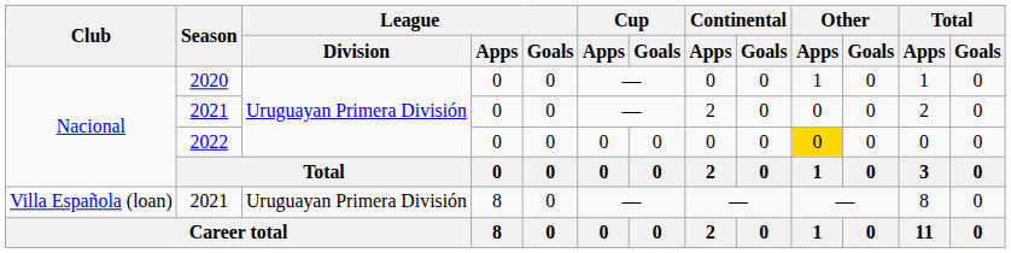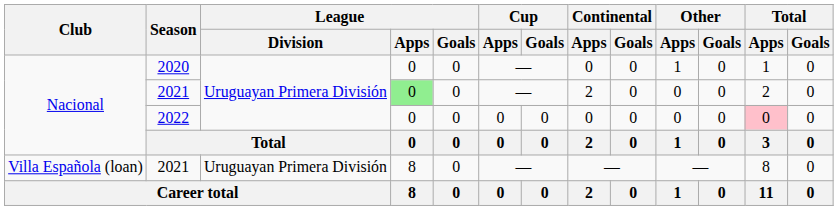 <table class="wikitable" style="text-align: center">
 <tr>
 <th rowspan="2">Club</th>
 <th rowspan="2">Season</th>
 <th colspan="3">League</th>
 <th colspan="2">Cup</th>
 <th colspan="2">Continental</th>
 <th colspan="2">Other</th>
 <th colspan="2">Total</th>
 </tr>
 <tr>
 <th>Division</th>
 <th>Apps</th>
 <th>Goals</th>
 <th>Apps</th>
 <th>Goals</th>
 <th>Apps</th>
 <th>Goals</th>
 <th>Apps</th>
 <th>Goals</th>
 <th>Apps</th>
 <th>Goals</th>
 </tr>
 <tr>
 <td rowspan="4"><a href='#'>Nacional</a></td>
 <td><a href='#'>2020</a></td>
 <td rowspan="3"><a href='#'>Uruguayan Primera División</a></td>
 <td>0</td>
 <td>0</td>
 <td colspan="2">—</td>
 <td>0</td>
 <td>0</td>
 <td>1</td>
 <td>0</td>
 <td>1</td>
 <td>0</td>
 </tr>
 <tr>
 <td><a href='#'>2021</a></td>
-<td>0</td>
+<td style="background: lightgreen;">0</td>
 <td>0</td>
 <td colspan="2">—</td>
 <td>2</td>
 <td>0</td>
 <td>0</td>
 <td>0</td>
 <td>2</td>
 <td>0</td>
 </tr>
 <tr>
 <td><a href='#'>2022</a></td>
 <td>0</td>
 <td>0</td>
 <td>0</td>
 <td>0</td>
 <td>0</td>
 <td>0</td>
-<td style="background: gold;">0</td>
 <td>0</td>
 <td>0</td>
+<td style="background: pink;">0</td>
 <td>0</td>
 </tr>
 <tr>
 <th colspan="2">Total</th>
 <th>0</th>
 <th>0</th>
 <th>0</th>
 <th>0</th>
 <th>2</th>
 <th>0</th>
 <th>1</th>
 <th>0</th>
 <th>3</th>
 <th>0</th>
 </tr>
 <tr>
 <td><a href='#'>Villa Española</a> (loan)</td>
 <td>2021</td>
 <td>Uruguayan Primera División</td>
 <td>8</td>
 <td>0</td>
 <td colspan="2">—</td>
 <td colspan="2">—</td>
 <td colspan="2">—</td>
 <td>8</td>
 <td>0</td>
 </tr>
 <tr>
 <th colspan="3">Career total</th>
 <th>8</th>
 <th>0</th>
 <th>0</th>
 <th>0</th>
 <th>2</th>
 <th>0</th>
 <th>1</th>
 <th>0</th>
 <th>11</th>
 <th>0</th>
 </tr>
 </table>
